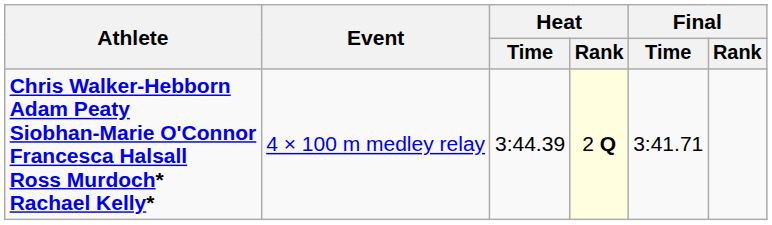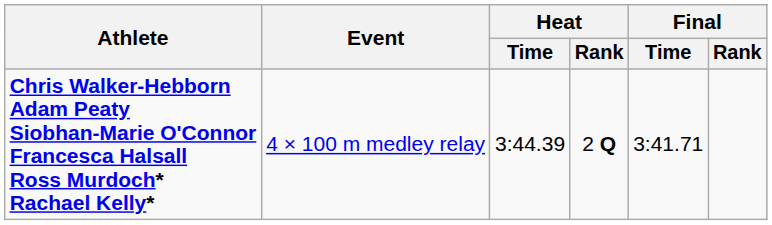 <table class=wikitable style="font-size:90%">
 <tr>
 <th rowspan="2">Athlete</th>
 <th rowspan="2">Event</th>
 <th colspan="2">Heat</th>
 <th colspan="2">Final</th>
 </tr>
 <tr style="font-size:95%">
 <th>Time</th>
 <th>Rank</th>
 <th>Time</th>
 <th>Rank</th>
 </tr>
 <tr align=center>
 <td align=left><strong><a href='#'>Chris Walker-Hebborn</a><br><a href='#'>Adam Peaty</a><br><a href='#'>Siobhan-Marie O'Connor</a><br><a href='#'>Francesca Halsall</a><br><a href='#'>Ross Murdoch</a>*<br><a href='#'>Rachael Kelly</a>*</strong></td>
 <td align=left><a href='#'>4 × 100 m medley relay</a></td>
 <td>3:44.39</td>
-<td style="background: lightyellow;">2 <strong>Q</strong></td>
+<td>2 <strong>Q</strong></td>
 <td>3:41.71 </td>
 <td></td>
 </tr>
 </table>
